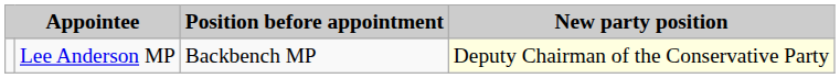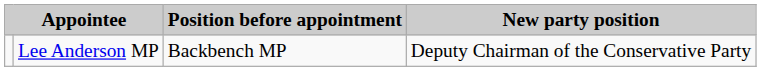 <table class="wikitable">
 <tr>
 <th scope="col" style="background:#ccc;" colspan=2>Appointee</th>
 <th scope="col" style="background:#ccc;">Position before appointment</th>
 <th scope="col" style="background:#ccc;">New party position</th>
 </tr>
 <tr>
 <td></td>
 <td><a href='#'>Lee Anderson</a> MP</td>
 <td>Backbench MP</td>
-<td style="background: lightyellow;">Deputy Chairman of the Conservative Party</td>
+<td>Deputy Chairman of the Conservative Party</td>
 </tr>
 </table>
